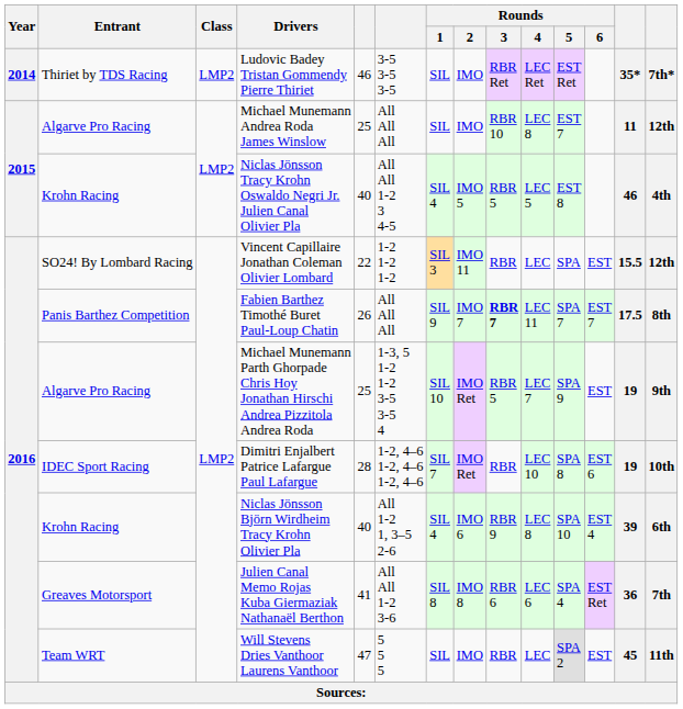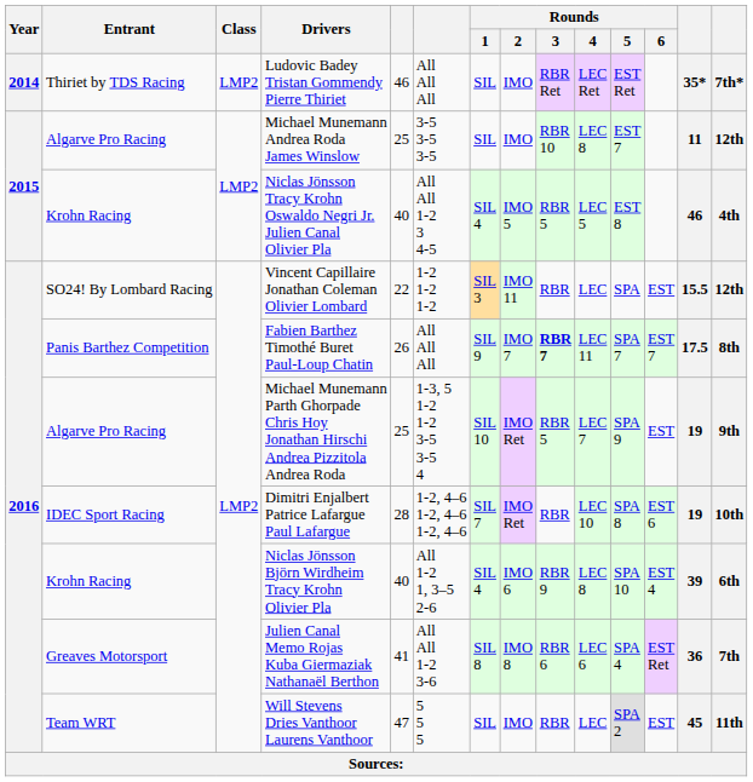 <table class="wikitable">
 <tr>
 <th rowspan="2">Year</th>
 <th rowspan="2">Entrant</th>
 <th rowspan="2">Class</th>
 <th rowspan="2">Drivers</th>
 <th rowspan="2"></th>
 <th rowspan="2"></th>
 <th colspan="6">Rounds</th>
 <th rowspan="2"></th>
 <th rowspan="2"></th>
 </tr>
 <tr>
 <th>1</th>
 <th>2</th>
 <th>3</th>
 <th>4</th>
 <th>5</th>
 <th>6</th>
 </tr>
 <tr>
 <th><a href='#'>2014</a></th>
 <td> Thiriet by <a href='#'>TDS Racing</a></td>
 <td><a href='#'>LMP2</a></td>
 <td> Ludovic Badey<br> <a href='#'>Tristan Gommendy</a><br> <a href='#'>Pierre Thiriet</a></td>
 <td>46</td>
-<td>3-5<br>3-5<br>3-5</td>
+<td>All<br>All<br>All</td>
 <td><a href='#'>SIL</a><br></td>
 <td><a href='#'>IMO</a><br></td>
 <td style="background:#EFCFFF;"><a href='#'>RBR</a><br>Ret</td>
 <td style="background:#EFCFFF;"><a href='#'>LEC</a><br>Ret</td>
 <td style="background:#EFCFFF;"><a href='#'>EST</a><br>Ret</td>
 <td></td>
 <th>35*</th>
 <th>7th*</th>
 </tr>
 <tr>
 <th rowspan="2"><a href='#'>2015</a></th>
 <td> <a href='#'>Algarve Pro Racing</a></td>
 <td rowspan="2"><a href='#'>LMP2</a></td>
 <td> Michael Munemann<br> Andrea Roda<br> <a href='#'>James Winslow</a></td>
 <td>25</td>
-<td>All<br>All<br>All</td>
+<td>3-5<br>3-5<br>3-5</td>
 <td><a href='#'>SIL</a><br></td>
 <td><a href='#'>IMO</a><br></td>
 <td style="background:#DFFFDF;"><a href='#'>RBR</a><br>10</td>
 <td style="background:#DFFFDF;"><a href='#'>LEC</a><br>8</td>
 <td style="background:#DFFFDF;"><a href='#'>EST</a><br>7</td>
 <td></td>
 <th>11</th>
 <th>12th</th>
 </tr>
 <tr>
 <td> <a href='#'>Krohn Racing</a></td>
 <td> <a href='#'>Niclas Jönsson</a><br> <a href='#'>Tracy Krohn</a><br> <a href='#'>Oswaldo Negri Jr.</a><br> <a href='#'>Julien Canal</a><br> <a href='#'>Olivier Pla</a></td>
 <td>40</td>
 <td>All<br>All<br>1-2<br>3<br>4-5</td>
 <td style="background:#DFFFDF;"><a href='#'>SIL</a><br>4</td>
 <td style="background:#DFFFDF;"><a href='#'>IMO</a><br>5</td>
 <td style="background:#DFFFDF;"><a href='#'>RBR</a><br>5</td>
 <td style="background:#DFFFDF;"><a href='#'>LEC</a><br>5</td>
 <td style="background:#DFFFDF;"><a href='#'>EST</a><br>8</td>
 <td></td>
 <th>46</th>
 <th>4th</th>
 </tr>
 <tr>
 <th rowspan="7"><a href='#'>2016</a></th>
 <td> SO24! By Lombard Racing</td>
 <td rowspan="7"><a href='#'>LMP2</a></td>
 <td> Vincent Capillaire<br> Jonathan Coleman<br> <a href='#'>Olivier Lombard</a></td>
 <td>22</td>
 <td>1-2<br>1-2<br>1-2</td>
 <td style="background:#FFDF9F;”"><a href='#'>SIL</a><br>3</td>
 <td style="background:#DFFFDF;"><a href='#'>IMO</a><br>11</td>
 <td><a href='#'>RBR</a><br></td>
 <td><a href='#'>LEC</a><br></td>
 <td><a href='#'>SPA</a><br></td>
 <td><a href='#'>EST</a><br></td>
 <th>15.5</th>
 <th>12th</th>
 </tr>
 <tr>
 <td> <a href='#'>Panis Barthez Competition</a></td>
 <td> <a href='#'>Fabien Barthez</a><br> Timothé Buret<br> <a href='#'>Paul-Loup Chatin</a></td>
 <td>26</td>
 <td>All<br>All<br>All</td>
 <td style="background:#DFFFDF;"><a href='#'>SIL</a><br>9</td>
 <td style="background:#DFFFDF;"><a href='#'>IMO</a><br>7</td>
 <td style="background:#DFFFDF;"><strong><a href='#'>RBR</a><br>7</strong></td>
 <td style="background:#DFFFDF;"><a href='#'>LEC</a><br>11</td>
 <td style="background:#DFFFDF;"><a href='#'>SPA</a><br>7</td>
 <td style="background:#DFFFDF;"><a href='#'>EST</a><br>7</td>
 <th>17.5</th>
 <th>8th</th>
 </tr>
 <tr>
 <td> <a href='#'>Algarve Pro Racing</a></td>
 <td> Michael Munemann<br> Parth Ghorpade<br> <a href='#'>Chris Hoy</a><br> <a href='#'>Jonathan Hirschi</a><br> <a href='#'>Andrea Pizzitola</a><br> Andrea Roda</td>
 <td>25</td>
 <td>1-3, 5<br>1-2<br>1-2<br>3-5<br>3-5<br>4</td>
 <td style="background:#DFFFDF;"><a href='#'>SIL</a><br>10</td>
 <td style="background:#EFCFFF;"><a href='#'>IMO</a><br>Ret</td>
 <td style="background:#DFFFDF;"><a href='#'>RBR</a><br>5</td>
 <td style="background:#DFFFDF;"><a href='#'>LEC</a><br>7</td>
 <td style="background:#DFFFDF;"><a href='#'>SPA</a><br>9</td>
 <td><a href='#'>EST</a><br></td>
 <th>19</th>
 <th>9th</th>
 </tr>
 <tr>
 <td> <a href='#'>IDEC Sport Racing</a></td>
 <td> Dimitri Enjalbert<br> Patrice Lafargue<br> <a href='#'>Paul Lafargue</a></td>
 <td>28</td>
 <td>1-2, 4–6<br>1-2, 4–6<br>1-2, 4–6</td>
 <td style="background:#DFFFDF;"><a href='#'>SIL</a><br>7</td>
 <td style="background:#EFCFFF;"><a href='#'>IMO</a><br>Ret</td>
 <td><a href='#'>RBR</a><br></td>
 <td style="background:#DFFFDF;"><a href='#'>LEC</a><br>10</td>
 <td style="background:#DFFFDF;"><a href='#'>SPA</a><br>8</td>
 <td style="background:#DFFFDF;"><a href='#'>EST</a><br>6</td>
 <th>19</th>
 <th>10th</th>
 </tr>
 <tr>
 <td> <a href='#'>Krohn Racing</a></td>
 <td> <a href='#'>Niclas Jönsson</a><br> <a href='#'>Björn Wirdheim</a><br> <a href='#'>Tracy Krohn</a><br> <a href='#'>Olivier Pla</a></td>
 <td>40</td>
 <td>All<br>1-2<br>1, 3–5<br>2-6</td>
 <td style="background:#DFFFDF;"><a href='#'>SIL</a><br>4</td>
 <td style="background:#DFFFDF;"><a href='#'>IMO</a><br>6</td>
 <td style="background:#DFFFDF;"><a href='#'>RBR</a><br>9</td>
 <td style="background:#DFFFDF;"><a href='#'>LEC</a><br>8</td>
 <td style="background:#DFFFDF;"><a href='#'>SPA</a><br>10</td>
 <td style="background:#DFFFDF;"><a href='#'>EST</a><br>4</td>
 <th>39</th>
 <th>6th</th>
 </tr>
 <tr>
 <td> <a href='#'>Greaves Motorsport</a></td>
 <td> <a href='#'>Julien Canal</a><br> <a href='#'>Memo Rojas</a><br> <a href='#'>Kuba Giermaziak</a><br> <a href='#'>Nathanaël Berthon</a></td>
 <td>41</td>
 <td>All<br>All<br>1-2<br>3-6</td>
 <td style="background:#DFFFDF;"><a href='#'>SIL</a><br>8</td>
 <td style="background:#DFFFDF;"><a href='#'>IMO</a><br>8</td>
 <td style="background:#DFFFDF;"><a href='#'>RBR</a><br>6</td>
 <td style="background:#DFFFDF;"><a href='#'>LEC</a><br>6</td>
 <td style="background:#DFFFDF;"><a href='#'>SPA</a><br>4</td>
 <td style="background:#EFCFFF;"><a href='#'>EST</a><br>Ret</td>
 <th>36</th>
 <th>7th</th>
 </tr>
 <tr>
 <td> <a href='#'>Team WRT</a></td>
 <td> <a href='#'>Will Stevens</a><br> <a href='#'>Dries Vanthoor</a><br> <a href='#'>Laurens Vanthoor</a></td>
 <td>47</td>
 <td>5<br>5<br>5</td>
 <td><a href='#'>SIL</a><br></td>
 <td><a href='#'>IMO</a><br></td>
 <td><a href='#'>RBR</a><br></td>
 <td><a href='#'>LEC</a><br></td>
 <td style="background:#DFDFDF;”"><a href='#'>SPA</a><br>2</td>
 <td><a href='#'>EST</a><br></td>
 <th>45</th>
 <th>11th</th>
 </tr>
 <tr>
 <th colspan="14">Sources:</th>
 </tr>
 </table>
